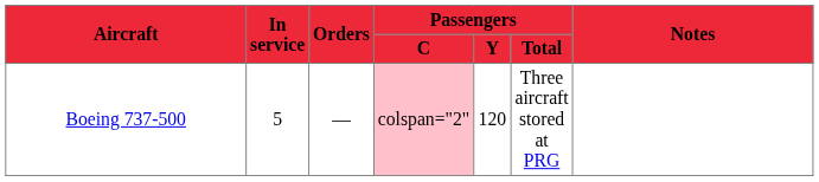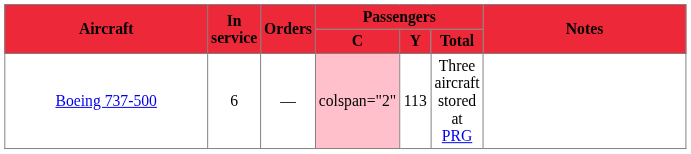 <table class="toccolours" border="1" cellpadding="3" style="margin:1em auto; border-collapse:collapse;text-align:center">
 <tr bgcolor= #ED2939>
 <th rowspan="2" style="width:200px;"><span>Aircraft</span></th>
 <th rowspan="2" style="width:40px;"><span>In service</span></th>
 <th rowspan="2" style="width:40px;"><span>Orders</span></th>
 <th colspan="3" class="unsortable"><span>Passengers</span></th>
 <th rowspan="2" style="width:200px;"><span>Notes</span></th>
 </tr>
 <tr bgcolor= #ED2939>
 <th style="width:25px;"><abbr><span>C</span></abbr></th>
 <th style="width:25px;"><abbr><span>Y</span></abbr></th>
 <th style="width:25px;"><span>Total</span></th>
 </tr>
 <tr>
 <td><a href='#'>Boeing 737-500</a></td>
-<td>5</td>
+<td>6</td>
 <td>—</td>
 <td style="background: pink;">colspan="2" </td>
-<td>120</td>
+<td>113</td>
 <td>Three aircraft stored at <a href='#'>PRG</a></td>
 </tr>
 </table>
